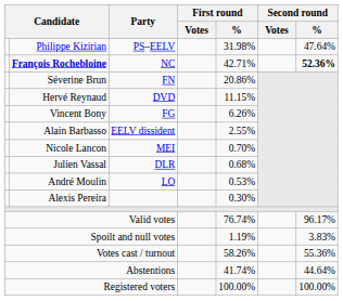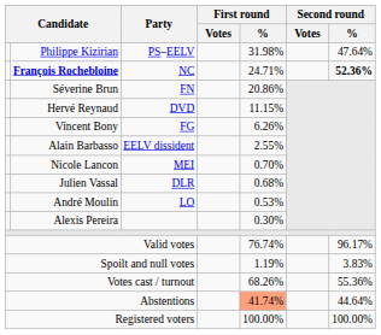 <table class="wikitable" style="text-align:right;font-size:95%;">
 <tr>
 <th rowspan=2 colspan=2>Candidate</th>
 <th rowspan=2 colspan=1>Party</th>
 <th colspan=2>First round</th>
 <th colspan=2>Second round</th>
 </tr>
 <tr>
 <th style="width:50px;">Votes</th>
 <th style="width:55px;">%</th>
 <th style="width:50px;">Votes</th>
 <th style="width:55px;">%</th>
 </tr>
 <tr>
 <td style="color:inherit;background-color:"></td>
 <td><a href='#'>Philippe Kizirian</a></td>
 <td><a href='#'>PS</a>–<a href='#'>EELV</a></td>
 <td></td>
 <td>31.98%</td>
 <td></td>
 <td>47.64%</td>
 </tr>
 <tr>
 <td style="color:inherit;background-color:"></td>
 <td><strong><a href='#'>François Rochebloine</a></strong></td>
 <td><a href='#'>NC</a></td>
 <td></td>
-<td>42.71%</td>
+<td>24.71%</td>
 <td><strong></strong></td>
 <td><strong>52.36%</strong></td>
 </tr>
 <tr>
 <td style="color:inherit;background-color:"></td>
 <td>Séverine Brun</td>
 <td><a href='#'>FN</a></td>
 <td></td>
 <td>20.86%</td>
 <td colspan=7 rowspan=8 style="background-color:#E9E9E9;"></td>
 </tr>
 <tr>
 <td style="color:inherit;background-color:"></td>
 <td>Hervé Reynaud</td>
 <td><a href='#'>DVD</a></td>
 <td></td>
 <td>11.15%</td>
 </tr>
 <tr>
 <td style="color:inherit;background-color:"></td>
 <td>Vincent Bony</td>
 <td><a href='#'>FG</a></td>
 <td></td>
 <td>6.26%</td>
 </tr>
 <tr>
 <td style="color:inherit;background-color:"></td>
 <td>Alain Barbasso</td>
 <td><a href='#'>EELV dissident</a></td>
 <td></td>
 <td>2.55%</td>
 </tr>
 <tr>
 <td style="color:inherit;background-color:"></td>
 <td>Nicole Lancon</td>
 <td><a href='#'>MEI</a></td>
 <td></td>
 <td>0.70%</td>
 </tr>
 <tr>
 <td style="color:inherit;background-color:"></td>
 <td>Julien Vassal</td>
 <td><a href='#'>DLR</a></td>
 <td></td>
 <td>0.68%</td>
 </tr>
 <tr>
 <td style="color:inherit;background-color:"></td>
 <td>André Moulin</td>
 <td><a href='#'>LO</a></td>
 <td></td>
 <td>0.53%</td>
 </tr>
 <tr>
 <td style="background-color:;"></td>
 <td>Alexis Pereira</td>
 <td></td>
 <td></td>
 <td>0.30%</td>
 </tr>
 <tr>
 <td colspan=7 style="background-color:#E9E9E9;"></td>
 </tr>
 <tr>
 <td colspan=3>Valid votes</td>
 <td></td>
 <td>76.74%</td>
 <td></td>
 <td>96.17%</td>
 </tr>
 <tr>
 <td colspan=3>Spoilt and null votes</td>
 <td></td>
 <td>1.19%</td>
 <td></td>
 <td>3.83%</td>
 </tr>
 <tr>
 <td colspan=3>Votes cast / turnout</td>
 <td></td>
-<td>58.26%</td>
+<td>68.26%</td>
 <td></td>
 <td>55.36%</td>
 </tr>
 <tr>
 <td colspan=3>Abstentions</td>
 <td></td>
-<td>41.74%</td>
+<td style="background: lightsalmon;">41.74%</td>
 <td></td>
 <td>44.64%</td>
 </tr>
 <tr>
 <td colspan=3>Registered voters</td>
 <td></td>
 <td>100.00%</td>
 <td></td>
 <td>100.00%</td>
 </tr>
 </table>
